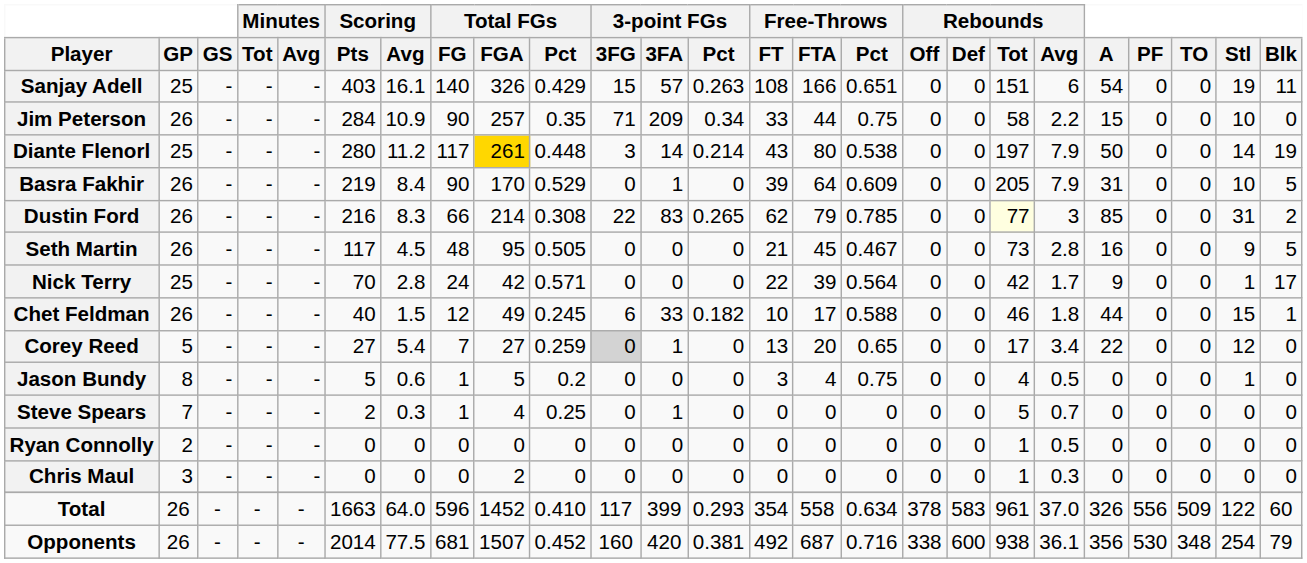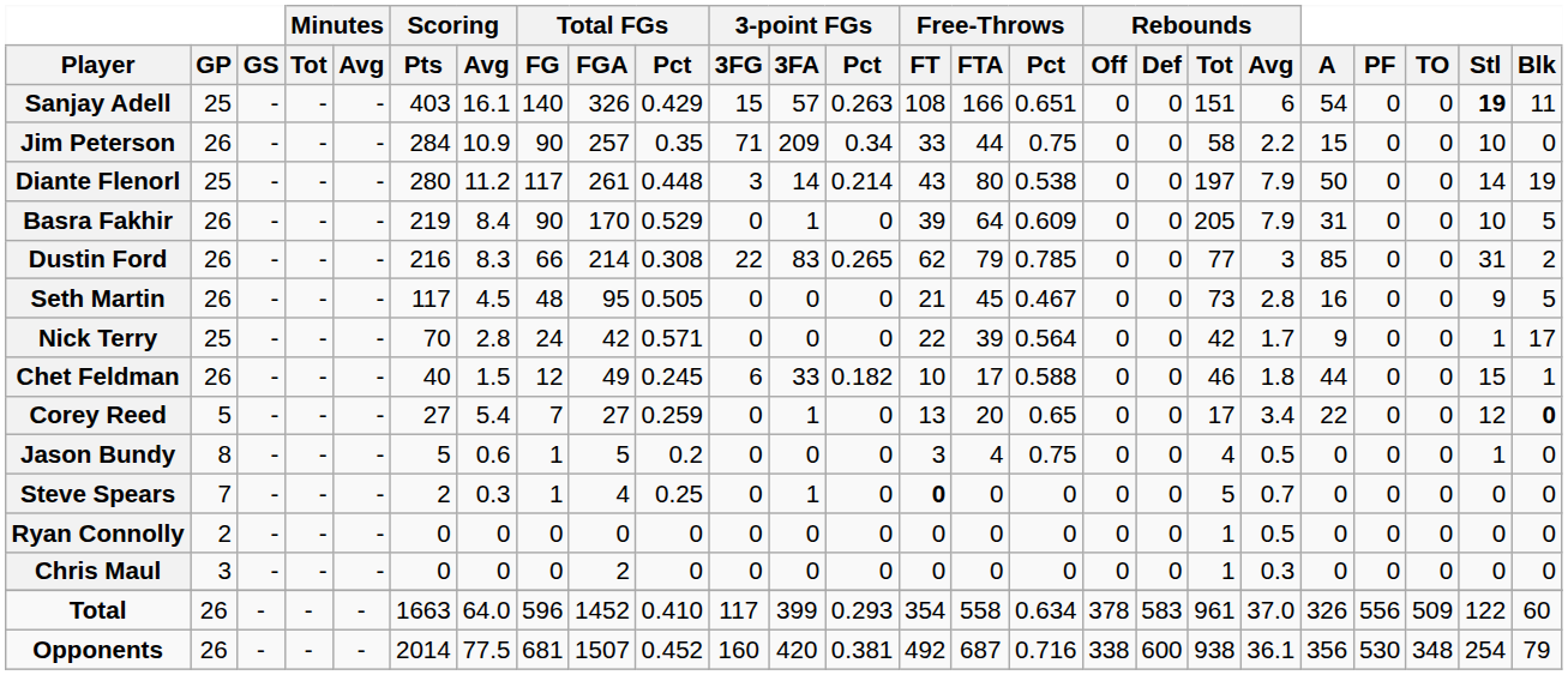 <table class="wikitable sortable" border="1" style="font-size:90%;">
 <tr>
 <th colspan="3" style="border-top-style:hidden; border-left-style:hidden; background: white;"></th>
 <th colspan="2" style=>Minutes</th>
 <th colspan="2" style=>Scoring</th>
 <th colspan="3" style=>Total FGs</th>
 <th colspan="3" style=>3-point FGs</th>
 <th colspan="3" style=>Free-Throws</th>
 <th colspan="4" style=>Rebounds</th>
 <th colspan="5" style="border-top-style:hidden; border-right-style:hidden; background: white;"></th>
 </tr>
 <tr>
 <th scope="col" style=>Player</th>
 <th scope="col" style=>GP</th>
 <th scope="col" style=>GS</th>
 <th scope="col" style=>Tot</th>
 <th scope="col" style=>Avg</th>
 <th scope="col" style=>Pts</th>
 <th scope="col" style=>Avg</th>
 <th scope="col" style=>FG</th>
 <th scope="col" style=>FGA</th>
 <th scope="col" style=>Pct</th>
 <th scope="col" style=>3FG</th>
 <th scope="col" style=>3FA</th>
 <th scope="col" style=>Pct</th>
 <th scope="col" style=>FT</th>
 <th scope="col" style=>FTA</th>
 <th scope="col" style=>Pct</th>
 <th scope="col" style=>Off</th>
 <th scope="col" style=>Def</th>
 <th scope="col" style=>Tot</th>
 <th scope="col" style=>Avg</th>
 <th scope="col" style=>A</th>
 <th scope="col" style=>PF</th>
 <th scope="col" style=>TO</th>
 <th scope="col" style=>Stl</th>
 <th scope="col" style=>Blk</th>
 </tr>
 <tr>
 <th>Sanjay Adell</th>
 <td align="right">25</td>
 <td align="right">-</td>
 <td align="right">-</td>
 <td align="right">-</td>
 <td align="right">403</td>
 <td align="right">16.1</td>
 <td align="right">140</td>
 <td align="right">326</td>
 <td align="right">0.429</td>
 <td align="right">15</td>
 <td align="right">57</td>
 <td align="right">0.263</td>
 <td align="right">108</td>
 <td align="right">166</td>
 <td align="right">0.651</td>
 <td align="right">0</td>
 <td align="right">0</td>
 <td align="right">151</td>
 <td align="right">6</td>
 <td align="right">54</td>
 <td align="right">0</td>
 <td align="right">0</td>
-<td align="right">19</td>
+<td align="right"><strong>19</strong></td>
 <td align="right">11</td>
 </tr>
 <tr>
 <th>Jim Peterson</th>
 <td align="right">26</td>
 <td align="right">-</td>
 <td align="right">-</td>
 <td align="right">-</td>
 <td align="right">284</td>
 <td align="right">10.9</td>
 <td align="right">90</td>
 <td align="right">257</td>
 <td align="right">0.35</td>
 <td align="right">71</td>
 <td align="right">209</td>
 <td align="right">0.34</td>
 <td align="right">33</td>
 <td align="right">44</td>
 <td align="right">0.75</td>
 <td align="right">0</td>
 <td align="right">0</td>
 <td align="right">58</td>
 <td align="right">2.2</td>
 <td align="right">15</td>
 <td align="right">0</td>
 <td align="right">0</td>
 <td align="right">10</td>
 <td align="right">0</td>
 </tr>
 <tr>
 <th>Diante Flenorl</th>
 <td align="right">25</td>
 <td align="right">-</td>
 <td align="right">-</td>
 <td align="right">-</td>
 <td align="right">280</td>
 <td align="right">11.2</td>
 <td align="right">117</td>
-<td align="right" style="background: gold;">261</td>
+<td align="right">261</td>
 <td align="right">0.448</td>
 <td align="right">3</td>
 <td align="right">14</td>
 <td align="right">0.214</td>
 <td align="right">43</td>
 <td align="right">80</td>
 <td align="right">0.538</td>
 <td align="right">0</td>
 <td align="right">0</td>
 <td align="right">197</td>
 <td align="right">7.9</td>
 <td align="right">50</td>
 <td align="right">0</td>
 <td align="right">0</td>
 <td align="right">14</td>
 <td align="right">19</td>
 </tr>
 <tr>
 <th>Basra Fakhir</th>
 <td align="right">26</td>
 <td align="right">-</td>
 <td align="right">-</td>
 <td align="right">-</td>
 <td align="right">219</td>
 <td align="right">8.4</td>
 <td align="right">90</td>
 <td align="right">170</td>
 <td align="right">0.529</td>
 <td align="right">0</td>
 <td align="right">1</td>
 <td align="right">0</td>
 <td align="right">39</td>
 <td align="right">64</td>
 <td align="right">0.609</td>
 <td align="right">0</td>
 <td align="right">0</td>
 <td align="right">205</td>
 <td align="right">7.9</td>
 <td align="right">31</td>
 <td align="right">0</td>
 <td align="right">0</td>
 <td align="right">10</td>
 <td align="right">5</td>
 </tr>
 <tr>
 <th>Dustin Ford</th>
 <td align="right">26</td>
 <td align="right">-</td>
 <td align="right">-</td>
 <td align="right">-</td>
 <td align="right">216</td>
 <td align="right">8.3</td>
 <td align="right">66</td>
 <td align="right">214</td>
 <td align="right">0.308</td>
 <td align="right">22</td>
 <td align="right">83</td>
 <td align="right">0.265</td>
 <td align="right">62</td>
 <td align="right">79</td>
 <td align="right">0.785</td>
 <td align="right">0</td>
 <td align="right">0</td>
-<td align="right" style="background: lightyellow;">77</td>
+<td align="right">77</td>
 <td align="right">3</td>
 <td align="right">85</td>
 <td align="right">0</td>
 <td align="right">0</td>
 <td align="right">31</td>
 <td align="right">2</td>
 </tr>
 <tr>
 <th>Seth Martin</th>
 <td align="right">26</td>
 <td align="right">-</td>
 <td align="right">-</td>
 <td align="right">-</td>
 <td align="right">117</td>
 <td align="right">4.5</td>
 <td align="right">48</td>
 <td align="right">95</td>
 <td align="right">0.505</td>
 <td align="right">0</td>
 <td align="right">0</td>
 <td align="right">0</td>
 <td align="right">21</td>
 <td align="right">45</td>
 <td align="right">0.467</td>
 <td align="right">0</td>
 <td align="right">0</td>
 <td align="right">73</td>
 <td align="right">2.8</td>
 <td align="right">16</td>
 <td align="right">0</td>
 <td align="right">0</td>
 <td align="right">9</td>
 <td align="right">5</td>
 </tr>
 <tr>
 <th>Nick Terry</th>
 <td align="right">25</td>
 <td align="right">-</td>
 <td align="right">-</td>
 <td align="right">-</td>
 <td align="right">70</td>
 <td align="right">2.8</td>
 <td align="right">24</td>
 <td align="right">42</td>
 <td align="right">0.571</td>
 <td align="right">0</td>
 <td align="right">0</td>
 <td align="right">0</td>
 <td align="right">22</td>
 <td align="right">39</td>
 <td align="right">0.564</td>
 <td align="right">0</td>
 <td align="right">0</td>
 <td align="right">42</td>
 <td align="right">1.7</td>
 <td align="right">9</td>
 <td align="right">0</td>
 <td align="right">0</td>
 <td align="right">1</td>
 <td align="right">17</td>
 </tr>
 <tr>
 <th>Chet Feldman</th>
 <td align="right">26</td>
 <td align="right">-</td>
 <td align="right">-</td>
 <td align="right">-</td>
 <td align="right">40</td>
 <td align="right">1.5</td>
 <td align="right">12</td>
 <td align="right">49</td>
 <td align="right">0.245</td>
 <td align="right">6</td>
 <td align="right">33</td>
 <td align="right">0.182</td>
 <td align="right">10</td>
 <td align="right">17</td>
 <td align="right">0.588</td>
 <td align="right">0</td>
 <td align="right">0</td>
 <td align="right">46</td>
 <td align="right">1.8</td>
 <td align="right">44</td>
 <td align="right">0</td>
 <td align="right">0</td>
 <td align="right">15</td>
 <td align="right">1</td>
 </tr>
 <tr>
 <th>Corey Reed</th>
 <td align="right">5</td>
 <td align="right">-</td>
 <td align="right">-</td>
 <td align="right">-</td>
 <td align="right">27</td>
 <td align="right">5.4</td>
 <td align="right">7</td>
 <td align="right">27</td>
 <td align="right">0.259</td>
-<td align="right" style="background: lightgrey;">0</td>
+<td align="right">0</td>
 <td align="right">1</td>
 <td align="right">0</td>
 <td align="right">13</td>
 <td align="right">20</td>
 <td align="right">0.65</td>
 <td align="right">0</td>
 <td align="right">0</td>
 <td align="right">17</td>
 <td align="right">3.4</td>
 <td align="right">22</td>
 <td align="right">0</td>
 <td align="right">0</td>
 <td align="right">12</td>
-<td align="right">0</td>
+<td align="right"><strong>0</strong></td>
 </tr>
 <tr>
 <th>Jason Bundy</th>
 <td align="right">8</td>
 <td align="right">-</td>
 <td align="right">-</td>
 <td align="right">-</td>
 <td align="right">5</td>
 <td align="right">0.6</td>
 <td align="right">1</td>
 <td align="right">5</td>
 <td align="right">0.2</td>
 <td align="right">0</td>
 <td align="right">0</td>
 <td align="right">0</td>
 <td align="right">3</td>
 <td align="right">4</td>
 <td align="right">0.75</td>
 <td align="right">0</td>
 <td align="right">0</td>
 <td align="right">4</td>
 <td align="right">0.5</td>
 <td align="right">0</td>
 <td align="right">0</td>
 <td align="right">0</td>
 <td align="right">1</td>
 <td align="right">0</td>
 </tr>
 <tr>
 <th>Steve Spears</th>
 <td align="right">7</td>
 <td align="right">-</td>
 <td align="right">-</td>
 <td align="right">-</td>
 <td align="right">2</td>
 <td align="right">0.3</td>
 <td align="right">1</td>
 <td align="right">4</td>
 <td align="right">0.25</td>
 <td align="right">0</td>
 <td align="right">1</td>
 <td align="right">0</td>
-<td align="right">0</td>
+<td align="right"><strong>0</strong></td>
 <td align="right">0</td>
 <td align="right">0</td>
 <td align="right">0</td>
 <td align="right">0</td>
 <td align="right">5</td>
 <td align="right">0.7</td>
 <td align="right">0</td>
 <td align="right">0</td>
 <td align="right">0</td>
 <td align="right">0</td>
 <td align="right">0</td>
 </tr>
 <tr>
 <th>Ryan Connolly</th>
 <td align="right">2</td>
 <td align="right">-</td>
 <td align="right">-</td>
 <td align="right">-</td>
 <td align="right">0</td>
 <td align="right">0</td>
 <td align="right">0</td>
 <td align="right">0</td>
 <td align="right">0</td>
 <td align="right">0</td>
 <td align="right">0</td>
 <td align="right">0</td>
 <td align="right">0</td>
 <td align="right">0</td>
 <td align="right">0</td>
 <td align="right">0</td>
 <td align="right">0</td>
 <td align="right">1</td>
 <td align="right">0.5</td>
 <td align="right">0</td>
 <td align="right">0</td>
 <td align="right">0</td>
 <td align="right">0</td>
 <td align="right">0</td>
 </tr>
 <tr>
 <th>Chris Maul</th>
 <td align="right">3</td>
 <td align="right">-</td>
 <td align="right">-</td>
 <td align="right">-</td>
 <td align="right">0</td>
 <td align="right">0</td>
 <td align="right">0</td>
 <td align="right">2</td>
 <td align="right">0</td>
 <td align="right">0</td>
 <td align="right">0</td>
 <td align="right">0</td>
 <td align="right">0</td>
 <td align="right">0</td>
 <td align="right">0</td>
 <td align="right">0</td>
 <td align="right">0</td>
 <td align="right">1</td>
 <td align="right">0.3</td>
 <td align="right">0</td>
 <td align="right">0</td>
 <td align="right">0</td>
 <td align="right">0</td>
 <td align="right">0</td>
 </tr>
 <tr>
 </tr>
 <tr class="sortbottom">
 <td align="center" style=><strong>Total</strong></td>
 <td align="center" style=>26</td>
 <td align="center" style=>-</td>
 <td align="center" style=>-</td>
 <td align="center" style=>-</td>
 <td align="center" style=>1663</td>
 <td align="center" style=>64.0</td>
 <td align="center" style=>596</td>
 <td align="center" style=>1452</td>
 <td align="center" style=>0.410</td>
 <td align="center" style=>117</td>
 <td align="center" style=>399</td>
 <td align="center" style=>0.293</td>
 <td align="center" style=>354</td>
 <td align="center" style=>558</td>
 <td align="center" style=>0.634</td>
 <td align="center" style=>378</td>
 <td align="center" style=>583</td>
 <td align="center" style=>961</td>
 <td align="center" style=>37.0</td>
 <td align="center" style=>326</td>
 <td align="center" style=>556</td>
 <td align="center" style=>509</td>
 <td align="center" style=>122</td>
 <td align="center" style=>60</td>
 </tr>
 <tr class="sortbottom">
 <td align="center"><strong>Opponents</strong></td>
 <td align="center">26</td>
 <td align="center">-</td>
 <td align="center">-</td>
 <td align="center">-</td>
 <td align="center">2014</td>
 <td align="center">77.5</td>
 <td align="center">681</td>
 <td align="center">1507</td>
 <td align="center">0.452</td>
 <td align="center">160</td>
 <td align="center">420</td>
 <td align="center">0.381</td>
 <td align="center">492</td>
 <td align="center">687</td>
 <td align="center">0.716</td>
 <td align="center">338</td>
 <td align="center">600</td>
 <td align="center">938</td>
 <td align="center">36.1</td>
 <td align="center">356</td>
 <td align="center">530</td>
 <td align="center">348</td>
 <td align="center">254</td>
 <td align="center">79</td>
 </tr>
 </table>
